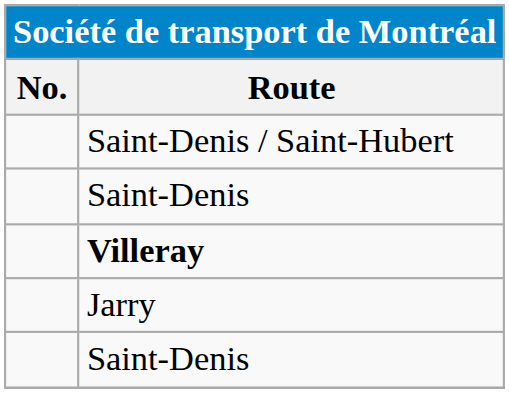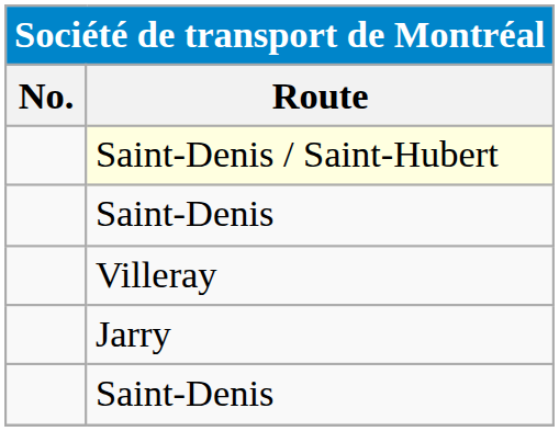 <table align=center class="wikitable">
 <tr>
 <th style="background: #0085CA; font-size:100%; color:#FFFFFF;"colspan="4">Société de transport de Montréal</th>
 </tr>
 <tr>
 <th>No.</th>
 <th>Route</th>
 </tr>
 <tr>
 <td></td>
-<td>Saint-Denis / Saint-Hubert</td>
+<td style="background: lightyellow;">Saint-Denis / Saint-Hubert</td>
 </tr>
 <tr>
 <td></td>
 <td>Saint-Denis</td>
 </tr>
 <tr>
 <td></td>
-<td><strong>Villeray</strong></td>
+<td>Villeray</td>
 </tr>
 <tr>
 <td {{Avoid wrap> </td>
 <td>Jarry</td>
 </tr>
 <tr>
 <td {{Avoid wrap> </td>
 <td>Saint-Denis</td>
 </tr>
 <tr>
 </tr>
 </table>
